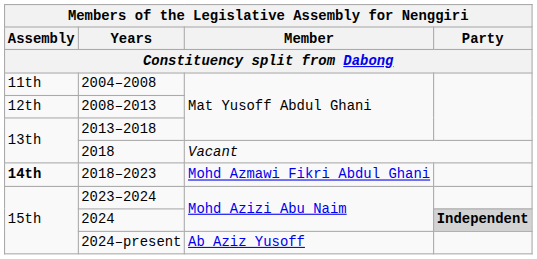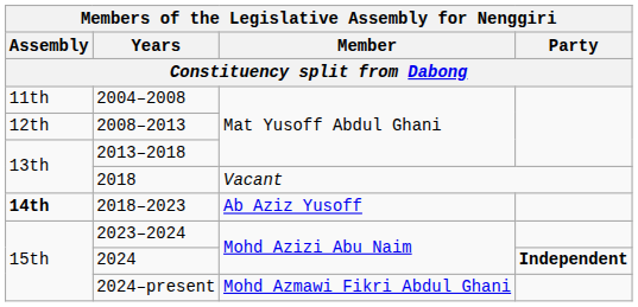 <table class=wikitable>
 <tr>
 <th colspan=4>Members of the Legislative Assembly for Nenggiri</th>
 </tr>
 <tr>
 <th>Assembly</th>
 <th>Years</th>
 <th>Member</th>
 <th>Party</th>
 </tr>
 <tr>
 <th colspan=4 align=center><em>Constituency split from <a href='#'>Dabong</a></em></th>
 </tr>
 <tr>
 <td>11th</td>
 <td>2004–2008</td>
 <td rowspan=3>Mat Yusoff Abdul Ghani</td>
 <td rowspan="3"></td>
 </tr>
 <tr>
 <td>12th</td>
 <td>2008–2013</td>
 </tr>
 <tr>
 <td rowspan=2>13th</td>
 <td>2013–2018</td>
 </tr>
 <tr>
 <td>2018</td>
 <td colspan="2"><em>Vacant</em></td>
 </tr>
 <tr>
 <td><strong>14th</strong></td>
 <td>2018–2023</td>
-<td><a href='#'>Mohd Azmawi Fikri Abdul Ghani</a></td>
+<td><a href='#'>Ab Aziz Yusoff</a></td>
 <td></td>
 </tr>
 <tr>
 <td rowspan="3">15th</td>
 <td>2023–2024</td>
 <td rowspan="2"><a href='#'>Mohd Azizi Abu Naim</a></td>
 <td></td>
 </tr>
 <tr>
 <td>2024</td>
-<td style="background: lightgrey;"><strong>Independent</strong></td>
+<td><strong>Independent</strong></td>
 </tr>
 <tr>
 <td>2024–present</td>
-<td><a href='#'>Ab Aziz Yusoff</a></td>
+<td><a href='#'>Mohd Azmawi Fikri Abdul Ghani</a></td>
 <td></td>
 </tr>
 </table>
